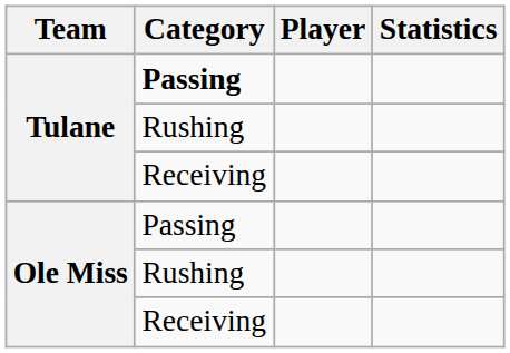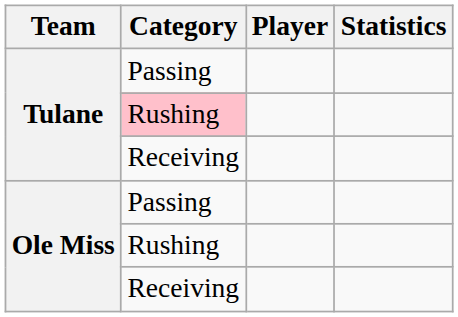 <table class="wikitable" style="float:right">
 <tr>
 <th>Team</th>
 <th>Category</th>
 <th>Player</th>
 <th>Statistics</th>
 </tr>
 <tr>
 <th rowspan=3>Tulane</th>
-<td><strong>Passing</strong></td>
+<td>Passing</td>
 <td></td>
 <td></td>
 </tr>
 <tr>
-<td>Rushing</td>
+<td style="background: pink;">Rushing</td>
 <td></td>
 <td></td>
 </tr>
 <tr>
 <td>Receiving</td>
 <td></td>
 <td></td>
 </tr>
 <tr>
 <th rowspan=3>Ole Miss</th>
 <td>Passing</td>
 <td></td>
 <td></td>
 </tr>
 <tr>
 <td>Rushing</td>
 <td></td>
 <td></td>
 </tr>
 <tr>
 <td>Receiving</td>
 <td></td>
 <td></td>
 </tr>
 </table>
